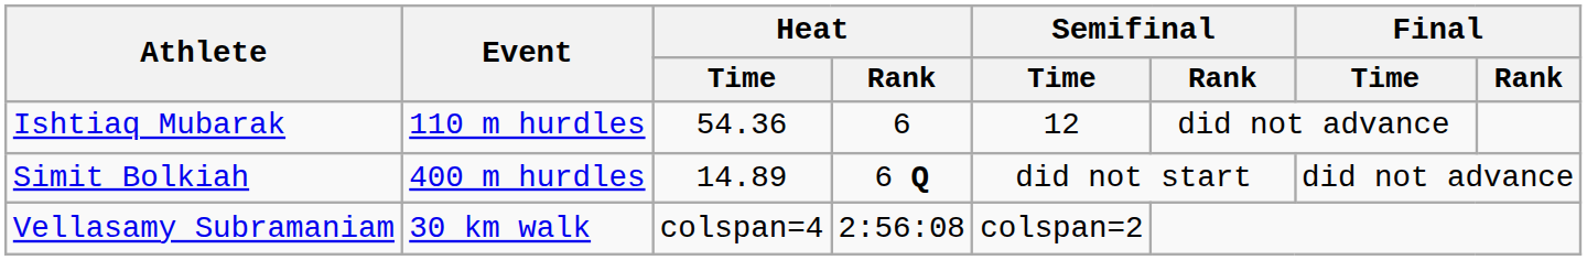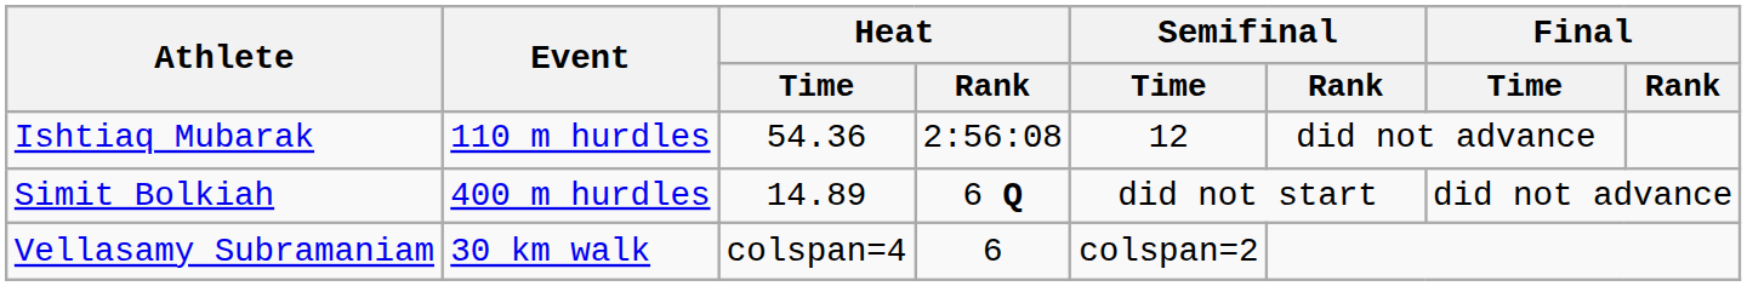 <table class="wikitable" style="font-size:90%">
 <tr>
 <th rowspan=2>Athlete</th>
 <th rowspan=2>Event</th>
 <th colspan=2>Heat</th>
 <th colspan=2>Semifinal</th>
 <th colspan=2>Final</th>
 </tr>
 <tr style="font-size:95%">
 <th>Time</th>
 <th>Rank</th>
 <th>Time</th>
 <th>Rank</th>
 <th>Time</th>
 <th>Rank</th>
 </tr>
 <tr align=center>
 <td align=left><a href='#'>Ishtiaq Mubarak</a></td>
 <td align=left><a href='#'>110 m hurdles</a></td>
 <td>54.36</td>
-<td>6</td>
+<td>2:56:08</td>
 <td>12</td>
 <td colspan=2>did not advance</td>
 </tr>
 <tr align=center>
 <td align=left><a href='#'>Simit Bolkiah</a></td>
 <td align=left><a href='#'>400 m hurdles</a></td>
 <td>14.89</td>
 <td>6 <strong>Q</strong></td>
 <td colspan=2>did not start</td>
 <td colspan=2>did not advance</td>
 </tr>
 <tr align=center>
 <td align=left><a href='#'>Vellasamy Subramaniam</a></td>
 <td align=left><a href='#'>30 km walk</a></td>
 <td>colspan=4 </td>
-<td>2:56:08</td>
+<td>6</td>
 <td>colspan=2 </td>
 </tr>
 </table>
